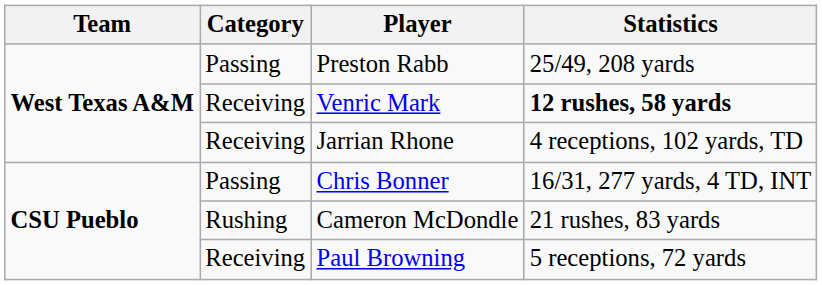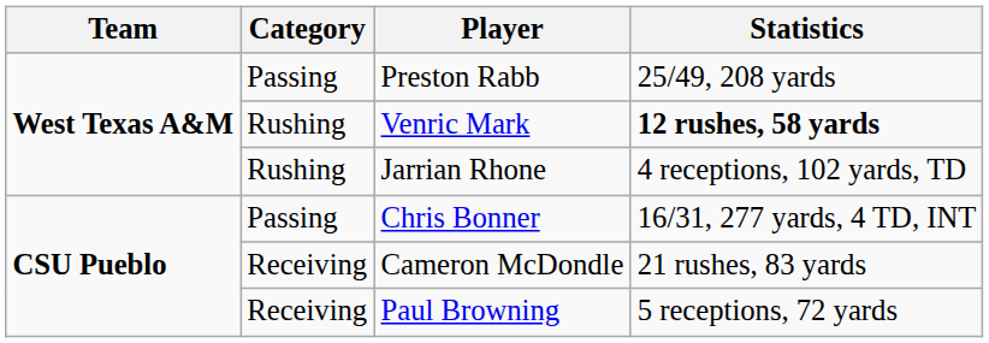 <table class="wikitable" style="float: left;">
 <tr>
 <th>Team</th>
 <th>Category</th>
 <th>Player</th>
 <th>Statistics</th>
 </tr>
 <tr>
 <td rowspan=3><strong>West Texas A&M</strong></td>
 <td>Passing</td>
 <td>Preston Rabb</td>
 <td>25/49, 208 yards</td>
 </tr>
 <tr>
-<td>Receiving</td>
+<td>Rushing</td>
 <td><a href='#'>Venric Mark</a></td>
 <td><strong>12 rushes, 58 yards</strong></td>
 </tr>
 <tr>
-<td>Receiving</td>
+<td>Rushing</td>
 <td>Jarrian Rhone</td>
 <td>4 receptions, 102 yards, TD</td>
 </tr>
 <tr>
 <td rowspan=3><strong>CSU Pueblo</strong></td>
 <td>Passing</td>
 <td><a href='#'>Chris Bonner</a></td>
 <td>16/31, 277 yards, 4 TD, INT</td>
 </tr>
 <tr>
-<td>Rushing</td>
+<td>Receiving</td>
 <td>Cameron McDondle</td>
 <td>21 rushes, 83 yards</td>
 </tr>
 <tr>
 <td>Receiving</td>
 <td><a href='#'>Paul Browning</a></td>
 <td>5 receptions, 72 yards</td>
 </tr>
 </table>
